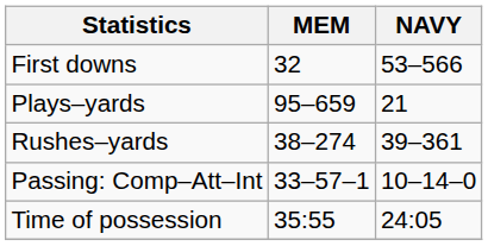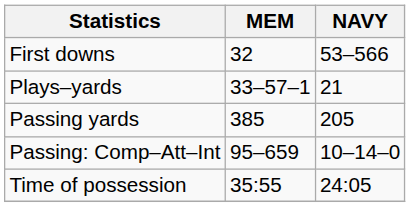 <table class="wikitable" style="float: left;">
 <tr>
 <th>Statistics</th>
 <th>MEM</th>
 <th>NAVY</th>
 </tr>
 <tr>
 <td>First downs</td>
 <td>32</td>
 <td>53–566</td>
 </tr>
 <tr>
 <td>Plays–yards</td>
-<td>95–659</td>
+<td>33–57–1</td>
 <td>21</td>
 </tr>
 <tr>
-<td>Rushes–yards</td>
-<td>38–274</td>
-<td>39–361</td>
+<td>Passing yards</td>
+<td>385</td>
+<td>205</td>
 </tr>
 <tr>
 <td>Passing: Comp–Att–Int</td>
-<td>33–57–1</td>
+<td>95–659</td>
 <td>10–14–0</td>
 </tr>
 <tr>
 <td>Time of possession</td>
 <td>35:55</td>
 <td>24:05</td>
 </tr>
 <tr>
 </tr>
 </table>
